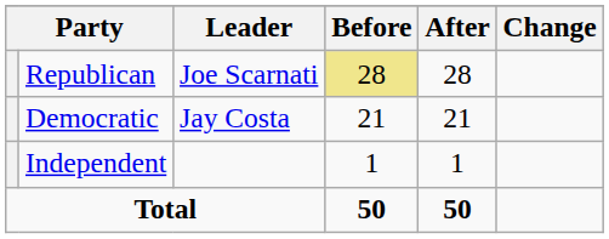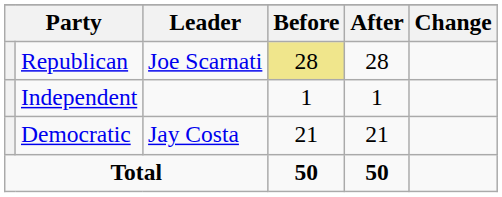 <table class="wikitable" style="text-align:center;">
 <tr>
 </tr>
 <tr>
 <th colspan=2>Party</th>
 <th>Leader</th>
 <th>Before</th>
 <th>After</th>
 <th>Change</th>
 </tr>
 <tr>
 <th style="background-color:"></th>
 <td style="text-align:left;"><a href='#'>Republican</a></td>
 <td style="text-align:left;"><a href='#'>Joe Scarnati</a></td>
 <td style="background: khaki;">28</td>
 <td>28</td>
 <td></td>
 </tr>
 <tr>
 <th style="background-color:"></th>
+<td style="text-align:left;"><a href='#'>Independent</a></td>
+<td style="text-align:left;"></td>
+<td>1</td>
+<td>1</td>
+<td></td>
+</tr>
+<tr>
+<th style="background-color:"></th>
 <td style="text-align:left;"><a href='#'>Democratic</a></td>
 <td style="text-align:left;"><a href='#'>Jay Costa</a></td>
 <td>21</td>
 <td>21</td>
-<td></td>
-</tr>
-<tr>
-<th style="background-color:"></th>
-<td style="text-align:left;"><a href='#'>Independent</a></td>
-<td style="text-align:left;"></td>
-<td>1</td>
-<td>1</td>
 <td></td>
 </tr>
 <tr>
 <td colspan=3><strong>Total</strong></td>
 <td><strong>50</strong></td>
 <td><strong>50</strong></td>
 <td></td>
 </tr>
 </table>
